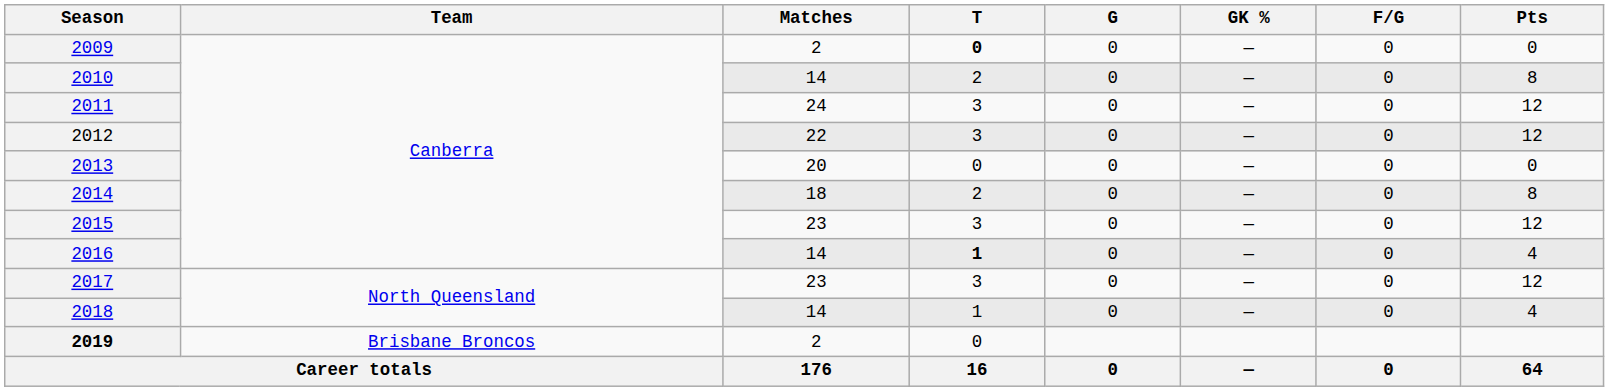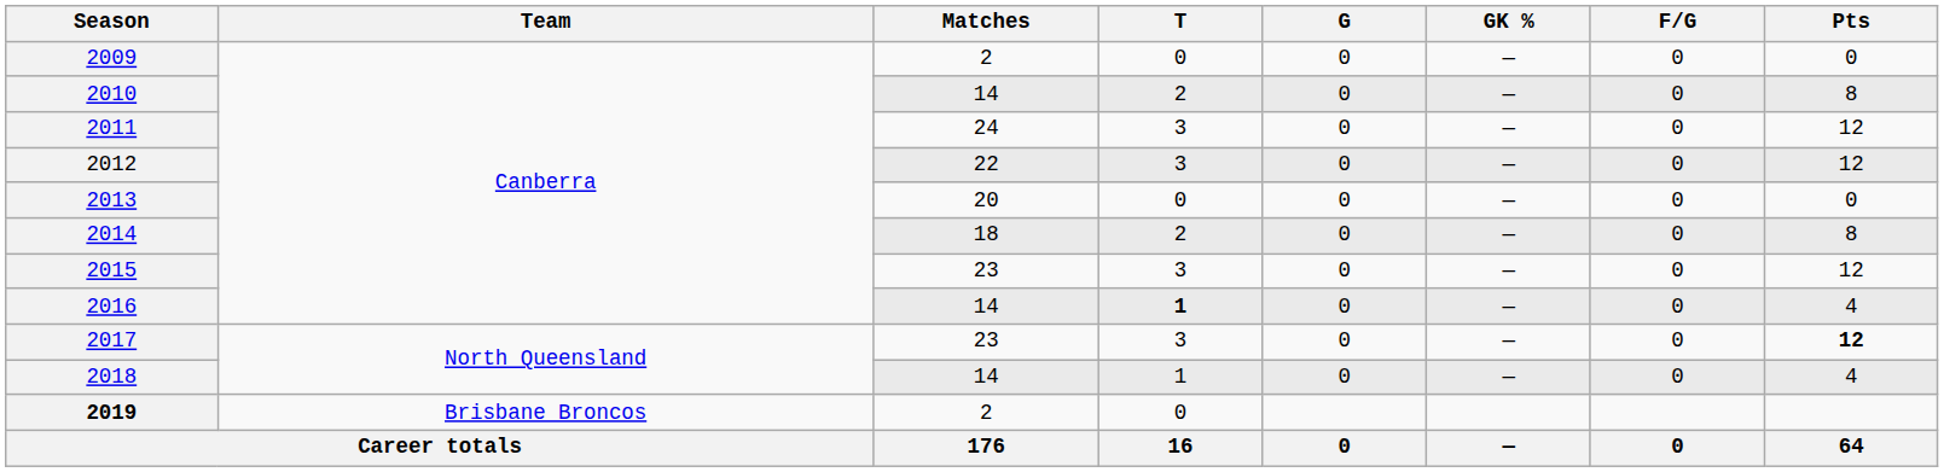 <table class="wikitable sortable"  style="font-size:90%; text-align:center; width:85%;">
 <tr>
 <th width=2%>Season</th>
 <th width=8%>Team</th>
 <th width=2%>Matches</th>
 <th width=2%>T</th>
 <th width=2%>G</th>
 <th width=2%>GK %</th>
 <th width=2%>F/G</th>
 <th width=2%>Pts</th>
 </tr>
 <tr>
 <th scope="row" style="text-align:center; font-weight:normal"><a href='#'>2009</a></th>
 <td rowspan="8" style="text-align:center;"> <a href='#'>Canberra</a></td>
 <td>2</td>
-<td><strong>0</strong></td>
+<td>0</td>
 <td>0</td>
 <td>—</td>
 <td>0</td>
 <td>0</td>
 </tr>
 <tr style="background:#eaeaea;">
 <th scope="row" style="text-align:center; font-weight:normal"><a href='#'>2010</a></th>
 <td>14</td>
 <td>2</td>
 <td>0</td>
 <td>—</td>
 <td>0</td>
 <td>8</td>
 </tr>
 <tr>
 <th scope="row" style="text-align:center; font-weight:normal"><a href='#'>2011</a></th>
 <td>24</td>
 <td>3</td>
 <td>0</td>
 <td>—</td>
 <td>0</td>
 <td>12</td>
 </tr>
 <tr style="background:#eaeaea;">
 <th scope="row" style="text-align:center; font-weight:normal">2012</th>
 <td>22</td>
 <td>3</td>
 <td>0</td>
 <td>—</td>
 <td>0</td>
 <td>12</td>
 </tr>
 <tr>
 <th scope="row" style="text-align:center; font-weight:normal"><a href='#'>2013</a></th>
 <td>20</td>
 <td>0</td>
 <td>0</td>
 <td>—</td>
 <td>0</td>
 <td>0</td>
 </tr>
 <tr style="background:#eaeaea;">
 <th scope="row" style="text-align:center; font-weight:normal"><a href='#'>2014</a></th>
 <td>18</td>
 <td>2</td>
 <td>0</td>
 <td>—</td>
 <td>0</td>
 <td>8</td>
 </tr>
 <tr>
 <th scope="row" style="text-align:center; font-weight:normal"><a href='#'>2015</a></th>
 <td>23</td>
 <td>3</td>
 <td>0</td>
 <td>—</td>
 <td>0</td>
 <td>12</td>
 </tr>
 <tr style="background:#eaeaea;">
 <th scope="row" style="text-align:center; font-weight:normal"><a href='#'>2016</a></th>
 <td>14</td>
 <td><strong>1</strong></td>
 <td>0</td>
 <td>—</td>
 <td>0</td>
 <td>4</td>
 </tr>
 <tr>
 <th scope="row" style="text-align:center; font-weight:normal"><a href='#'>2017</a></th>
 <td rowspan="2" style="text-align:center;"> <a href='#'>North Queensland</a></td>
 <td>23</td>
 <td>3</td>
 <td>0</td>
 <td>—</td>
 <td>0</td>
-<td>12</td>
+<td><strong>12</strong></td>
 </tr>
 <tr style="background:#eaeaea;">
 <th scope="row" style="text-align:center; font-weight:normal"><a href='#'>2018</a></th>
 <td>14</td>
 <td>1</td>
 <td>0</td>
 <td>—</td>
 <td>0</td>
 <td>4</td>
 </tr>
 <tr>
 <th>2019</th>
 <td> <a href='#'>Brisbane Broncos</a></td>
 <td>2</td>
 <td>0</td>
 <td></td>
 <td></td>
 <td></td>
 <td></td>
 </tr>
 <tr class="sortbottom">
 <th colspan="2">Career totals</th>
 <th>176</th>
 <th>16</th>
 <th>0</th>
 <th>—</th>
 <th>0</th>
 <th>64</th>
 </tr>
 </table>
